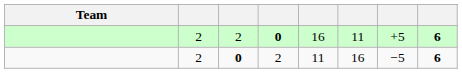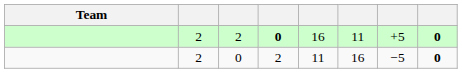 <table class=wikitable style="text-align:center">
 <tr>
 <th width=200>Team</th>
 <th width=40></th>
 <th width=40></th>
 <th width=40></th>
 <th width=40></th>
 <th width=40></th>
 <th width=40></th>
 <th width=40></th>
 </tr>
 <tr bgcolor=ccffcc>
 <td align=left></td>
 <td>2</td>
 <td>2</td>
 <td><strong>0</strong></td>
 <td>16</td>
 <td>11</td>
 <td>+5</td>
-<td><strong>6</strong></td>
+<td><strong>0</strong></td>
 </tr>
 <tr>
 <td align=left></td>
 <td>2</td>
-<td><strong>0</strong></td>
+<td>0</td>
 <td>2</td>
 <td>11</td>
 <td>16</td>
 <td>−5</td>
-<td><strong>6</strong></td>
+<td><strong>0</strong></td>
 </tr>
 </table>
